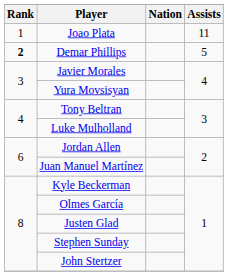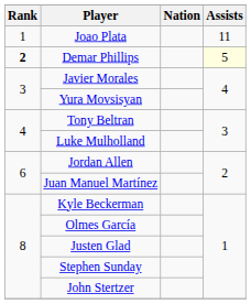 <table class="wikitable" style="font-size: 95%; text-align: center;">
 <tr>
 </tr>
 <tr>
 <th>Rank</th>
 <th>Player</th>
 <th>Nation</th>
 <th>Assists</th>
 </tr>
 <tr>
 <td rowspan="1">1</td>
 <td><a href='#'>Joao Plata</a></td>
 <td></td>
 <td rowspan="1">11</td>
 </tr>
 <tr>
 <td rowspan="1"><strong>2</strong></td>
 <td><a href='#'>Demar Phillips</a></td>
 <td></td>
-<td rowspan="1">5</td>
+<td rowspan="1" style="background: lightyellow;">5</td>
 </tr>
 <tr>
 <td rowspan="2">3</td>
 <td><a href='#'>Javier Morales</a></td>
 <td></td>
 <td rowspan="2">4</td>
 </tr>
 <tr>
 <td><a href='#'>Yura Movsisyan</a></td>
 <td></td>
 </tr>
 <tr>
 <td rowspan="2">4</td>
 <td><a href='#'>Tony Beltran</a></td>
 <td></td>
 <td rowspan="2">3</td>
 </tr>
 <tr>
 <td><a href='#'>Luke Mulholland</a></td>
 <td></td>
 </tr>
 <tr>
 <td rowspan="2">6</td>
 <td><a href='#'>Jordan Allen</a></td>
 <td></td>
 <td rowspan="2">2</td>
 </tr>
 <tr>
 <td><a href='#'>Juan Manuel Martínez</a></td>
 <td></td>
 </tr>
 <tr>
 <td rowspan="5">8</td>
 <td><a href='#'>Kyle Beckerman</a></td>
 <td></td>
 <td rowspan="5">1</td>
 </tr>
 <tr>
 <td><a href='#'>Olmes García</a></td>
 <td></td>
 </tr>
 <tr>
 <td><a href='#'>Justen Glad</a></td>
 <td></td>
 </tr>
 <tr>
 <td><a href='#'>Stephen Sunday</a></td>
 <td></td>
 </tr>
 <tr>
 <td><a href='#'>John Stertzer</a></td>
 <td></td>
 </tr>
 <tr>
 </tr>
 </table>
